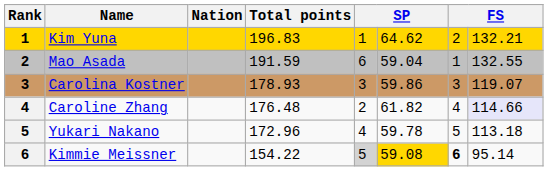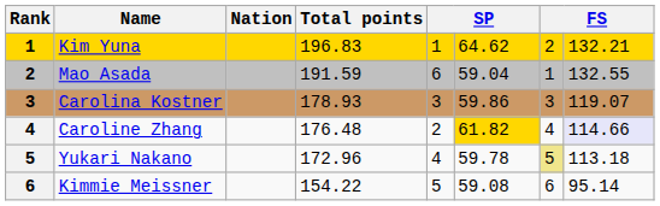 <table class="wikitable">
 <tr>
 <th>Rank</th>
 <th>Name</th>
 <th>Nation</th>
 <th>Total points</th>
 <th colspan="2" width="80px"><a href='#'>SP</a></th>
 <th colspan="2" width="80px"><a href='#'>FS</a></th>
 </tr>
 <tr bgcolor="gold">
 <td align="center"><strong>1</strong></td>
 <td><a href='#'>Kim Yuna</a></td>
 <td></td>
 <td>196.83</td>
 <td>1</td>
 <td>64.62</td>
 <td>2</td>
 <td>132.21</td>
 </tr>
 <tr bgcolor="silver">
 <td align="center"><strong>2</strong></td>
 <td><a href='#'>Mao Asada</a></td>
 <td></td>
 <td>191.59</td>
 <td>6</td>
 <td>59.04</td>
 <td>1</td>
 <td>132.55</td>
 </tr>
 <tr bgcolor="cc9966">
 <td align="center"><strong>3</strong></td>
 <td><a href='#'>Carolina Kostner</a></td>
 <td></td>
 <td>178.93</td>
 <td>3</td>
 <td>59.86</td>
 <td>3</td>
 <td>119.07</td>
 </tr>
 <tr>
 <th>4</th>
 <td><a href='#'>Caroline Zhang</a></td>
 <td></td>
 <td>176.48</td>
 <td>2</td>
-<td>61.82</td>
+<td style="background: gold;">61.82</td>
 <td>4</td>
 <td style="background: lavender;">114.66</td>
 </tr>
 <tr>
 <th>5</th>
 <td><a href='#'>Yukari Nakano</a></td>
 <td></td>
 <td>172.96</td>
 <td>4</td>
 <td>59.78</td>
-<td>5</td>
+<td style="background: khaki;">5</td>
 <td>113.18</td>
 </tr>
 <tr>
 <th>6</th>
 <td><a href='#'>Kimmie Meissner</a></td>
 <td></td>
 <td>154.22</td>
-<td style="background: lightgrey;">5</td>
-<td style="background: gold;">59.08</td>
-<td><strong>6</strong></td>
+<td>5</td>
+<td>59.08</td>
+<td>6</td>
 <td>95.14</td>
 </tr>
 </table>
